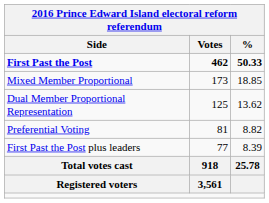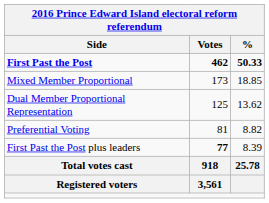 <table class="wikitable" style="font-size: 95%; clear:both">
 <tr style="background-color:#E9E9E9">
 <th colspan=4><a href='#'>2016 Prince Edward Island electoral reform referendum</a></th>
 </tr>
 <tr style="background-color:#E9E9E9">
 <th style="width: 250px">Side</th>
 <th style="width: 50px">Votes</th>
 <th style="width: 40px">%</th>
 </tr>
 <tr>
 <td><strong><a href='#'>First Past the Post</a></strong></td>
 <td align="right"><strong>462</strong></td>
 <td align="right"><strong>50.33</strong></td>
 </tr>
 <tr>
 <td><a href='#'>Mixed Member Proportional</a></td>
 <td align="right">173</td>
 <td align="right">18.85</td>
 </tr>
 <tr>
 <td><a href='#'>Dual Member Proportional Representation</a></td>
 <td align="right">125</td>
 <td align="right">13.62</td>
 </tr>
 <tr>
 <td><a href='#'>Preferential Voting</a></td>
 <td align="right">81</td>
 <td align="right">8.82</td>
 </tr>
 <tr>
 <td><a href='#'>First Past the Post</a> plus leaders</td>
-<td align="right">77</td>
+<td align="right"><strong>77</strong></td>
 <td align="right">8.39</td>
 </tr>
 <tr>
 <th align="center">Total votes cast</th>
 <th align="right">918</th>
 <th align="right">25.78</th>
 </tr>
 <tr bgcolor="white">
 <th align="center">Registered voters</th>
 <th align="right">3,561</th>
 <th align="right"></th>
 </tr>
 <tr>
 <td colspan=4 style="border-top:1px solid darkgray;"></td>
 </tr>
 </table>
